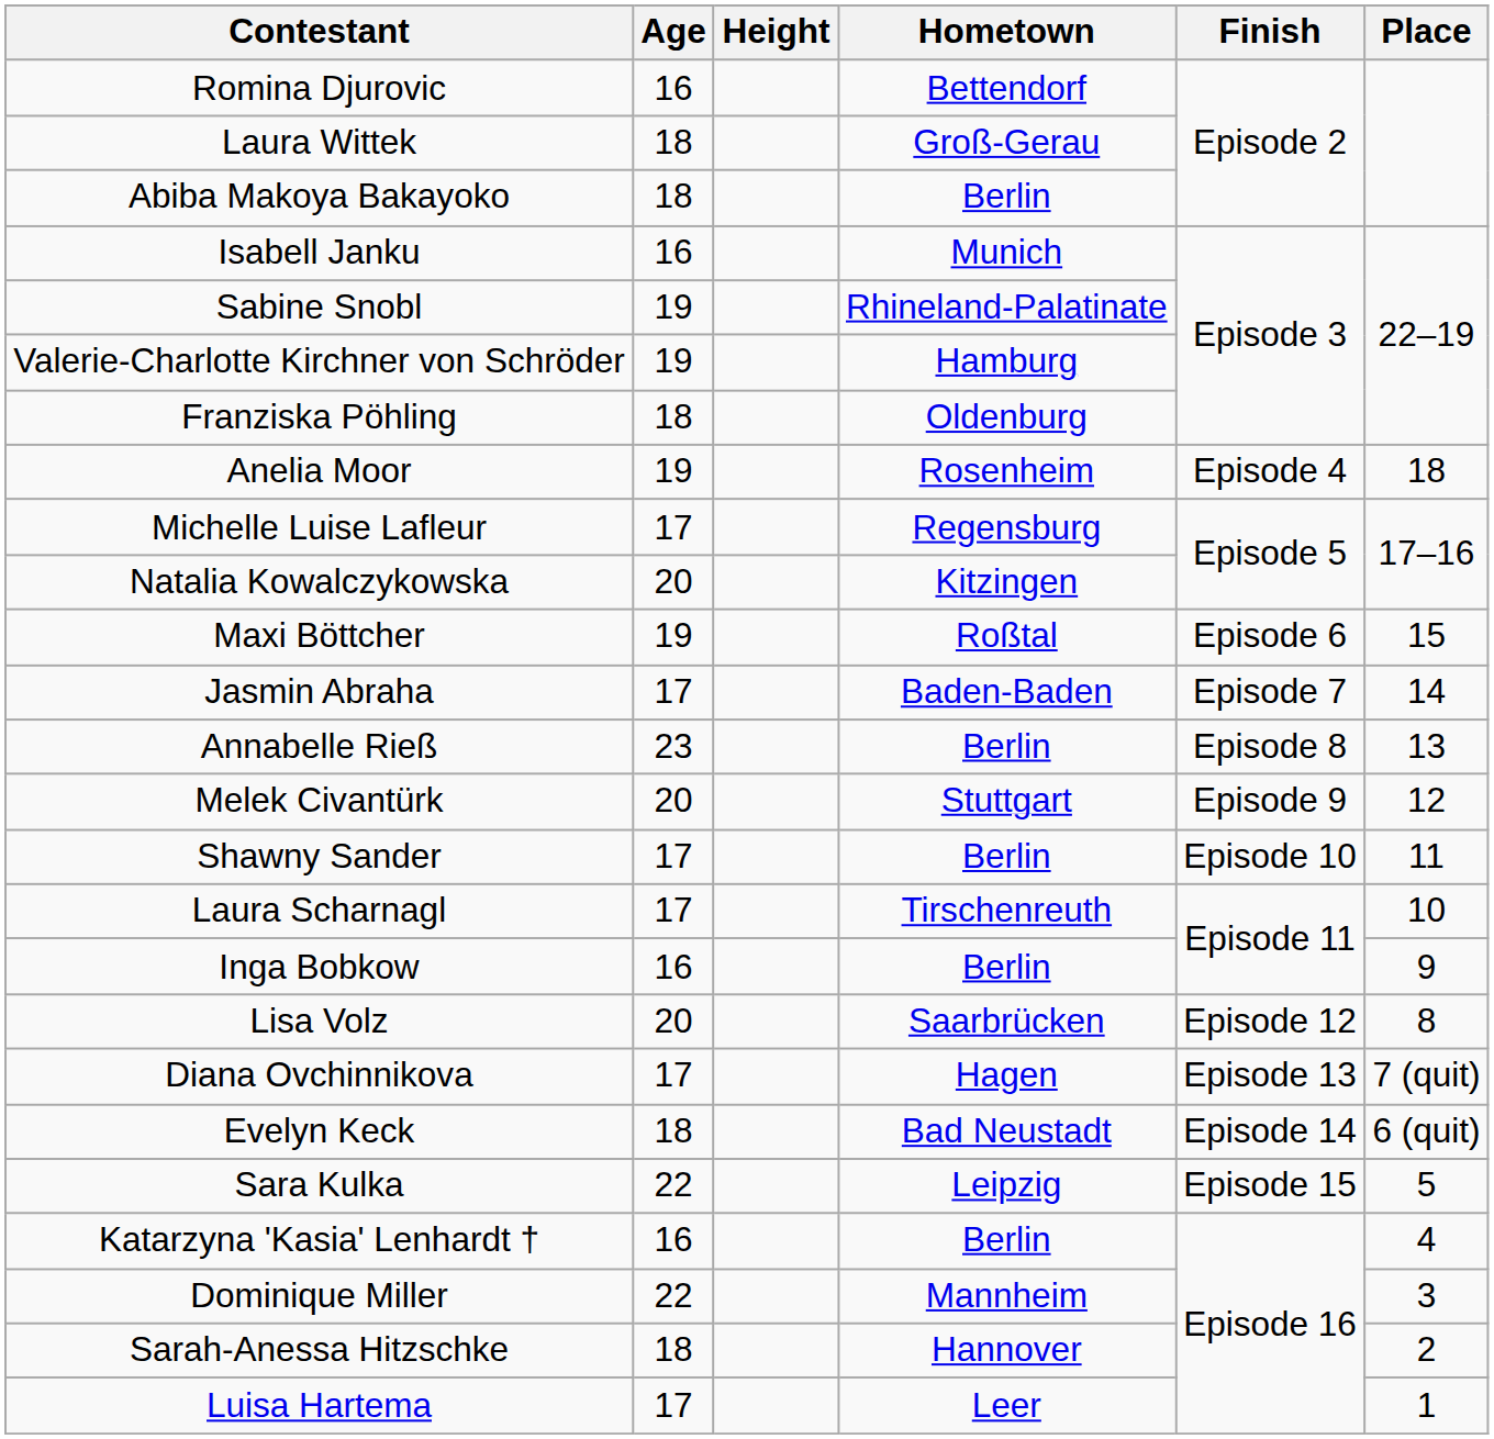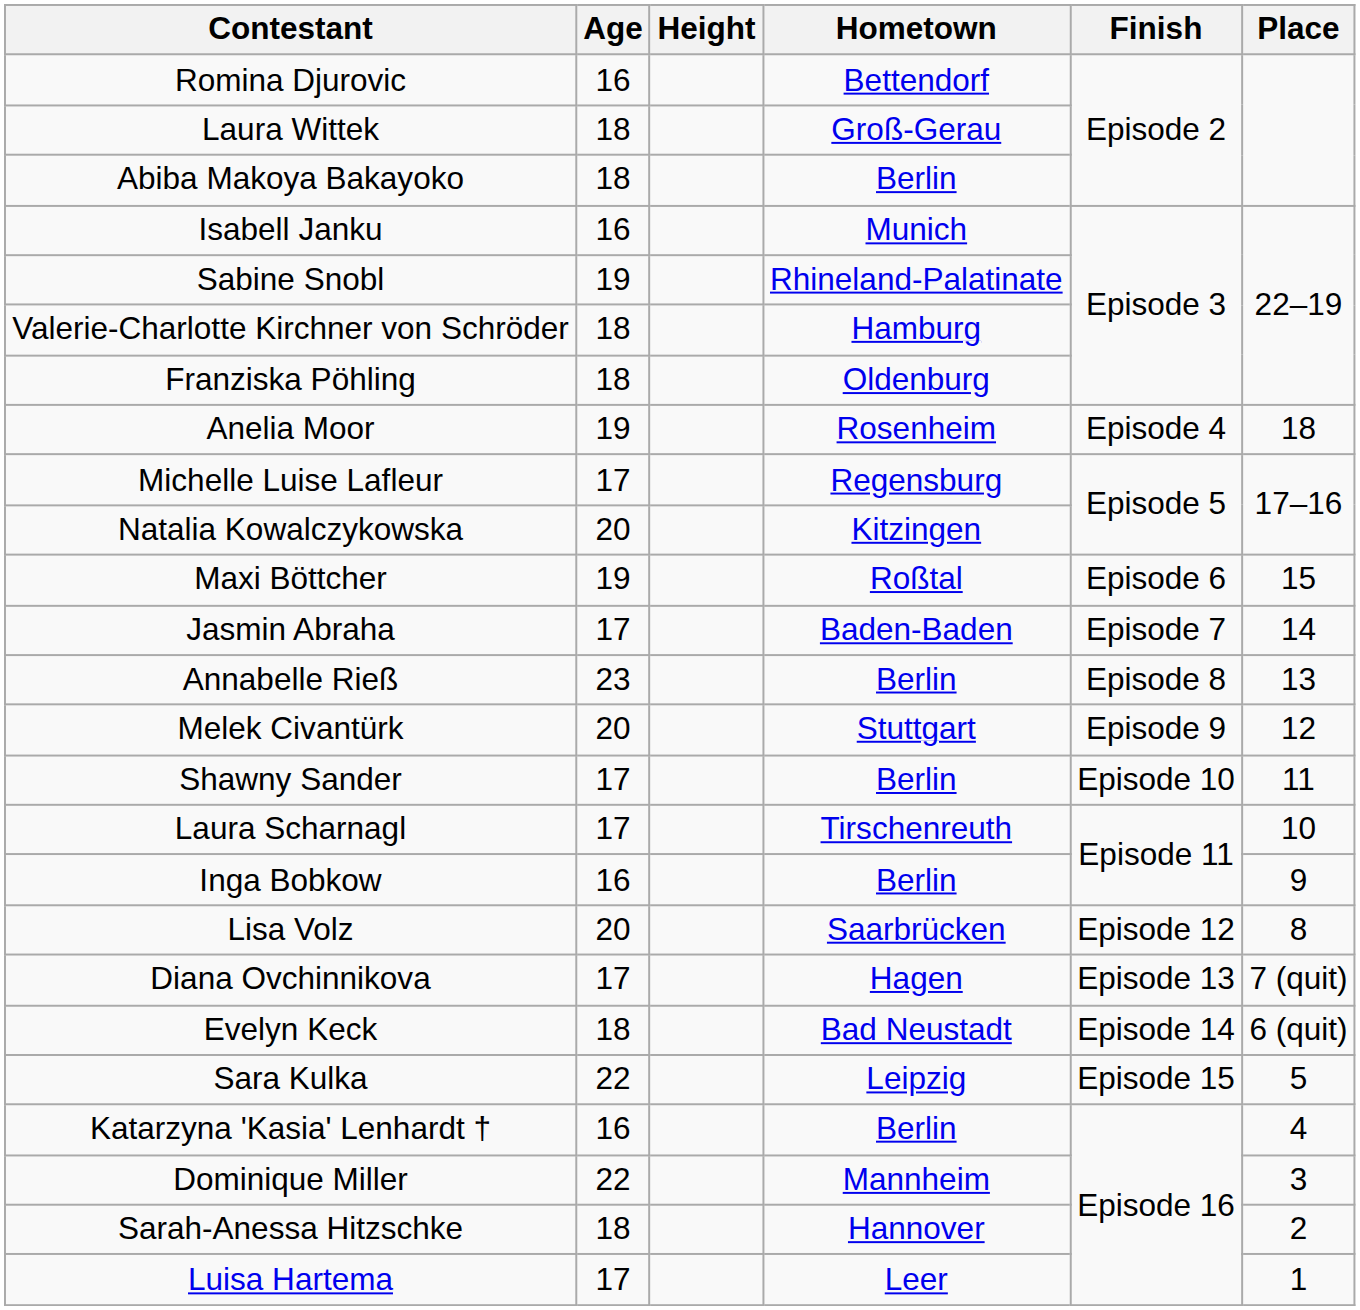 <table class="wikitable sortable" style="text-align:center;">
 <tr>
 <th>Contestant</th>
 <th>Age</th>
 <th>Height</th>
 <th>Hometown</th>
 <th>Finish</th>
 <th>Place</th>
 </tr>
 <tr>
 <td>Romina Djurovic</td>
 <td>16</td>
 <td nowrap></td>
 <td><a href='#'>Bettendorf</a></td>
 <td rowspan= "3">Episode 2</td>
 <td rowspan="3"></td>
 </tr>
 <tr>
 <td>Laura Wittek</td>
 <td>18</td>
 <td></td>
 <td><a href='#'>Groß-Gerau</a></td>
 </tr>
 <tr>
 <td>Abiba Makoya Bakayoko</td>
 <td>18</td>
 <td></td>
 <td><a href='#'>Berlin</a></td>
 </tr>
 <tr>
 <td>Isabell Janku</td>
 <td>16</td>
 <td></td>
 <td><a href='#'>Munich</a></td>
 <td rowspan="4">Episode 3</td>
 <td rowspan="4">22–19</td>
 </tr>
 <tr>
 <td>Sabine Snobl</td>
 <td>19</td>
 <td></td>
 <td nowrap><a href='#'>Rhineland-Palatinate</a></td>
 </tr>
 <tr>
 <td nowrap>Valerie-Charlotte Kirchner von Schröder</td>
-<td>19</td>
+<td>18</td>
 <td></td>
 <td><a href='#'>Hamburg</a></td>
 </tr>
 <tr>
 <td>Franziska Pöhling</td>
 <td>18</td>
 <td></td>
 <td><a href='#'>Oldenburg</a></td>
 </tr>
 <tr>
 <td>Anelia Moor</td>
 <td>19</td>
 <td></td>
 <td><a href='#'>Rosenheim</a></td>
 <td>Episode 4</td>
 <td>18</td>
 </tr>
 <tr>
 <td>Michelle Luise Lafleur</td>
 <td>17</td>
 <td></td>
 <td><a href='#'>Regensburg</a></td>
 <td rowspan="2">Episode 5</td>
 <td rowspan="2">17–16</td>
 </tr>
 <tr>
 <td>Natalia Kowalczykowska</td>
 <td>20</td>
 <td></td>
 <td><a href='#'>Kitzingen</a></td>
 </tr>
 <tr>
 <td>Maxi Böttcher</td>
 <td>19</td>
 <td></td>
 <td><a href='#'>Roßtal</a></td>
 <td>Episode 6</td>
 <td>15</td>
 </tr>
 <tr>
 <td>Jasmin Abraha</td>
 <td>17</td>
 <td></td>
 <td><a href='#'>Baden-Baden</a></td>
 <td>Episode 7</td>
 <td>14</td>
 </tr>
 <tr>
 <td>Annabelle Rieß</td>
 <td>23</td>
 <td></td>
 <td><a href='#'>Berlin</a></td>
 <td>Episode 8</td>
 <td>13</td>
 </tr>
 <tr>
 <td>Melek Civantürk</td>
 <td>20</td>
 <td nowrap></td>
 <td><a href='#'>Stuttgart</a></td>
 <td>Episode 9</td>
 <td>12</td>
 </tr>
 <tr>
 <td>Shawny Sander</td>
 <td>17</td>
 <td></td>
 <td><a href='#'>Berlin</a></td>
 <td>Episode 10</td>
 <td>11</td>
 </tr>
 <tr>
 <td>Laura Scharnagl</td>
 <td>17</td>
 <td></td>
 <td><a href='#'>Tirschenreuth</a></td>
 <td rowspan="2">Episode 11</td>
 <td>10</td>
 </tr>
 <tr>
 <td>Inga Bobkow</td>
 <td>16</td>
 <td></td>
 <td><a href='#'>Berlin</a></td>
 <td>9</td>
 </tr>
 <tr>
 <td>Lisa Volz</td>
 <td>20</td>
 <td></td>
 <td><a href='#'>Saarbrücken</a></td>
 <td nowrap>Episode 12</td>
 <td>8</td>
 </tr>
 <tr>
 <td>Diana Ovchinnikova</td>
 <td>17</td>
 <td></td>
 <td><a href='#'>Hagen</a></td>
 <td>Episode 13</td>
 <td>7 (quit)</td>
 </tr>
 <tr>
 <td>Evelyn Keck</td>
 <td>18</td>
 <td></td>
 <td><a href='#'>Bad Neustadt</a></td>
 <td>Episode 14</td>
 <td>6 (quit)</td>
 </tr>
 <tr>
 <td>Sara Kulka</td>
 <td>22</td>
 <td></td>
 <td><a href='#'>Leipzig</a></td>
 <td>Episode 15</td>
 <td>5</td>
 </tr>
 <tr>
 <td>Katarzyna 'Kasia' Lenhardt †</td>
 <td>16</td>
 <td></td>
 <td><a href='#'>Berlin</a></td>
 <td rowspan="4">Episode 16</td>
 <td>4</td>
 </tr>
 <tr>
 <td>Dominique Miller</td>
 <td>22</td>
 <td></td>
 <td><a href='#'>Mannheim</a></td>
 <td>3</td>
 </tr>
 <tr>
 <td>Sarah-Anessa Hitzschke</td>
 <td>18</td>
 <td></td>
 <td><a href='#'>Hannover</a></td>
 <td>2</td>
 </tr>
 <tr>
 <td><a href='#'>Luisa Hartema</a></td>
 <td>17</td>
 <td></td>
 <td><a href='#'>Leer</a></td>
 <td>1</td>
 </tr>
 </table>
